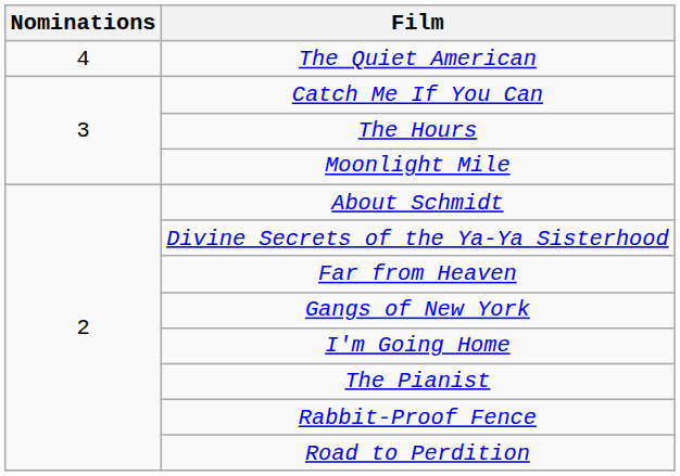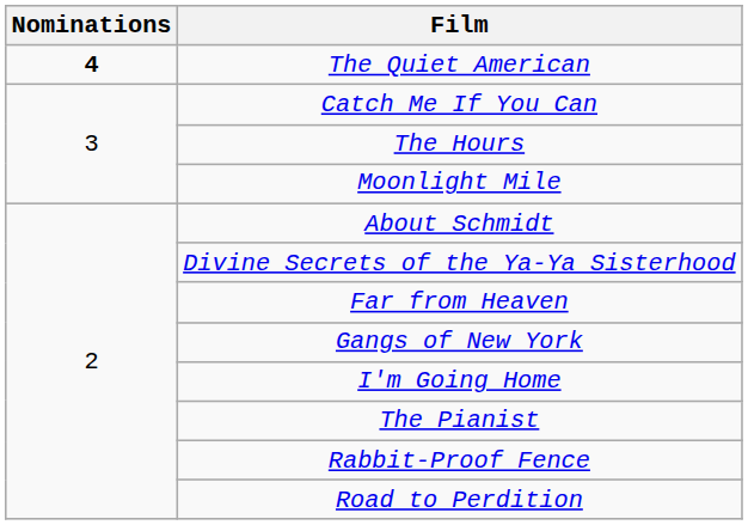 <table class="wikitable plainrowheaders" style="text-align:center;">
 <tr>
 <th scope="col" style="width:55px;">Nominations</th>
 <th scope="col" style="text-align:center;">Film</th>
 </tr>
 <tr>
-<td scope=row rowspan=1 style="text-align:center;">4</td>
+<td scope=row rowspan=1 style="text-align:center;"><strong>4</strong></td>
 <td><em><a href='#'>The Quiet American</a></em></td>
 </tr>
 <tr>
 <td scope=row rowspan=3 style="text-align:center;">3</td>
 <td><em><a href='#'>Catch Me If You Can</a></em></td>
 </tr>
 <tr>
 <td><em><a href='#'>The Hours</a></em></td>
 </tr>
 <tr>
 <td><em><a href='#'>Moonlight Mile</a></em></td>
 </tr>
 <tr>
 <td scope=row rowspan=8 style="text-align:center;">2</td>
 <td><em><a href='#'>About Schmidt</a></em></td>
 </tr>
 <tr>
 <td><em><a href='#'>Divine Secrets of the Ya-Ya Sisterhood</a></em></td>
 </tr>
 <tr>
 <td><em><a href='#'>Far from Heaven</a></em></td>
 </tr>
 <tr>
 <td><em><a href='#'>Gangs of New York</a></em></td>
 </tr>
 <tr>
 <td><em><a href='#'>I'm Going Home</a></em></td>
 </tr>
 <tr>
 <td><em><a href='#'>The Pianist</a></em></td>
 </tr>
 <tr>
 <td><em><a href='#'>Rabbit-Proof Fence</a></em></td>
 </tr>
 <tr>
 <td><em><a href='#'>Road to Perdition</a></em></td>
 </tr>
 </table>
